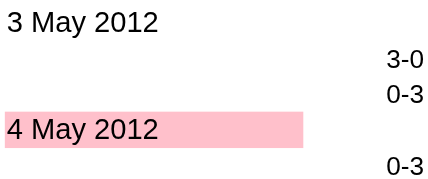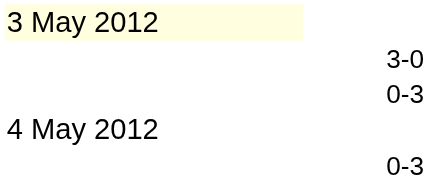 <table style="width:50%;" cellspacing="1">
 <tr>
 <th width=15%></th>
 <th width=10%></th>
 <th width=15%></th>
 </tr>
 <tr>
-<td>3 May 2012</td>
+<td style="background: lightyellow;">3 May 2012</td>
 </tr>
 <tr style=font-size:90%>
 <td align=right></td>
 <td align=center>3-0</td>
 <td></td>
 </tr>
 <tr style=font-size:90%>
 <td align=right></td>
 <td align=center>0-3</td>
 <td></td>
 </tr>
 <tr>
-<td style="background: pink;">4 May 2012</td>
+<td>4 May 2012</td>
 </tr>
 <tr style=font-size:90%>
 <td align=right></td>
 <td align=center>0-3</td>
 <td></td>
 </tr>
 </table>
